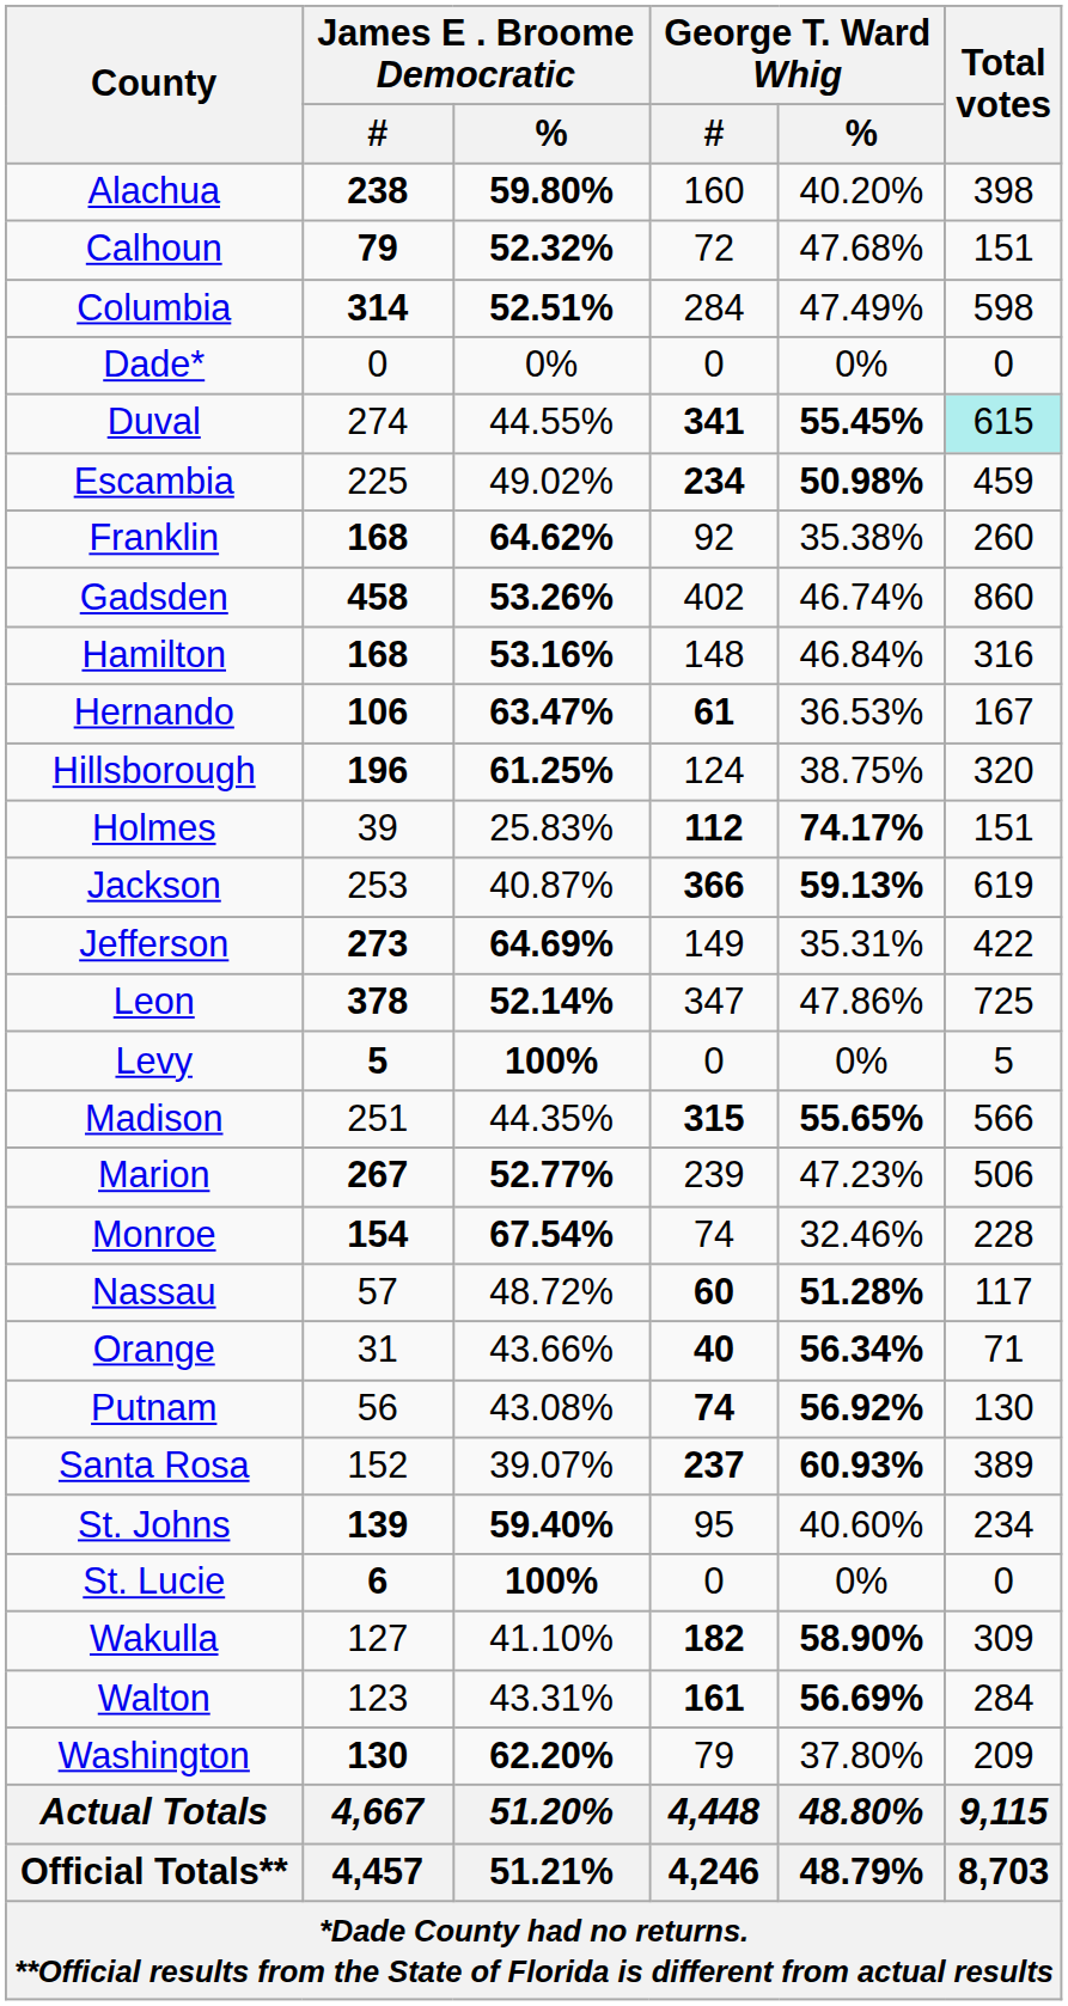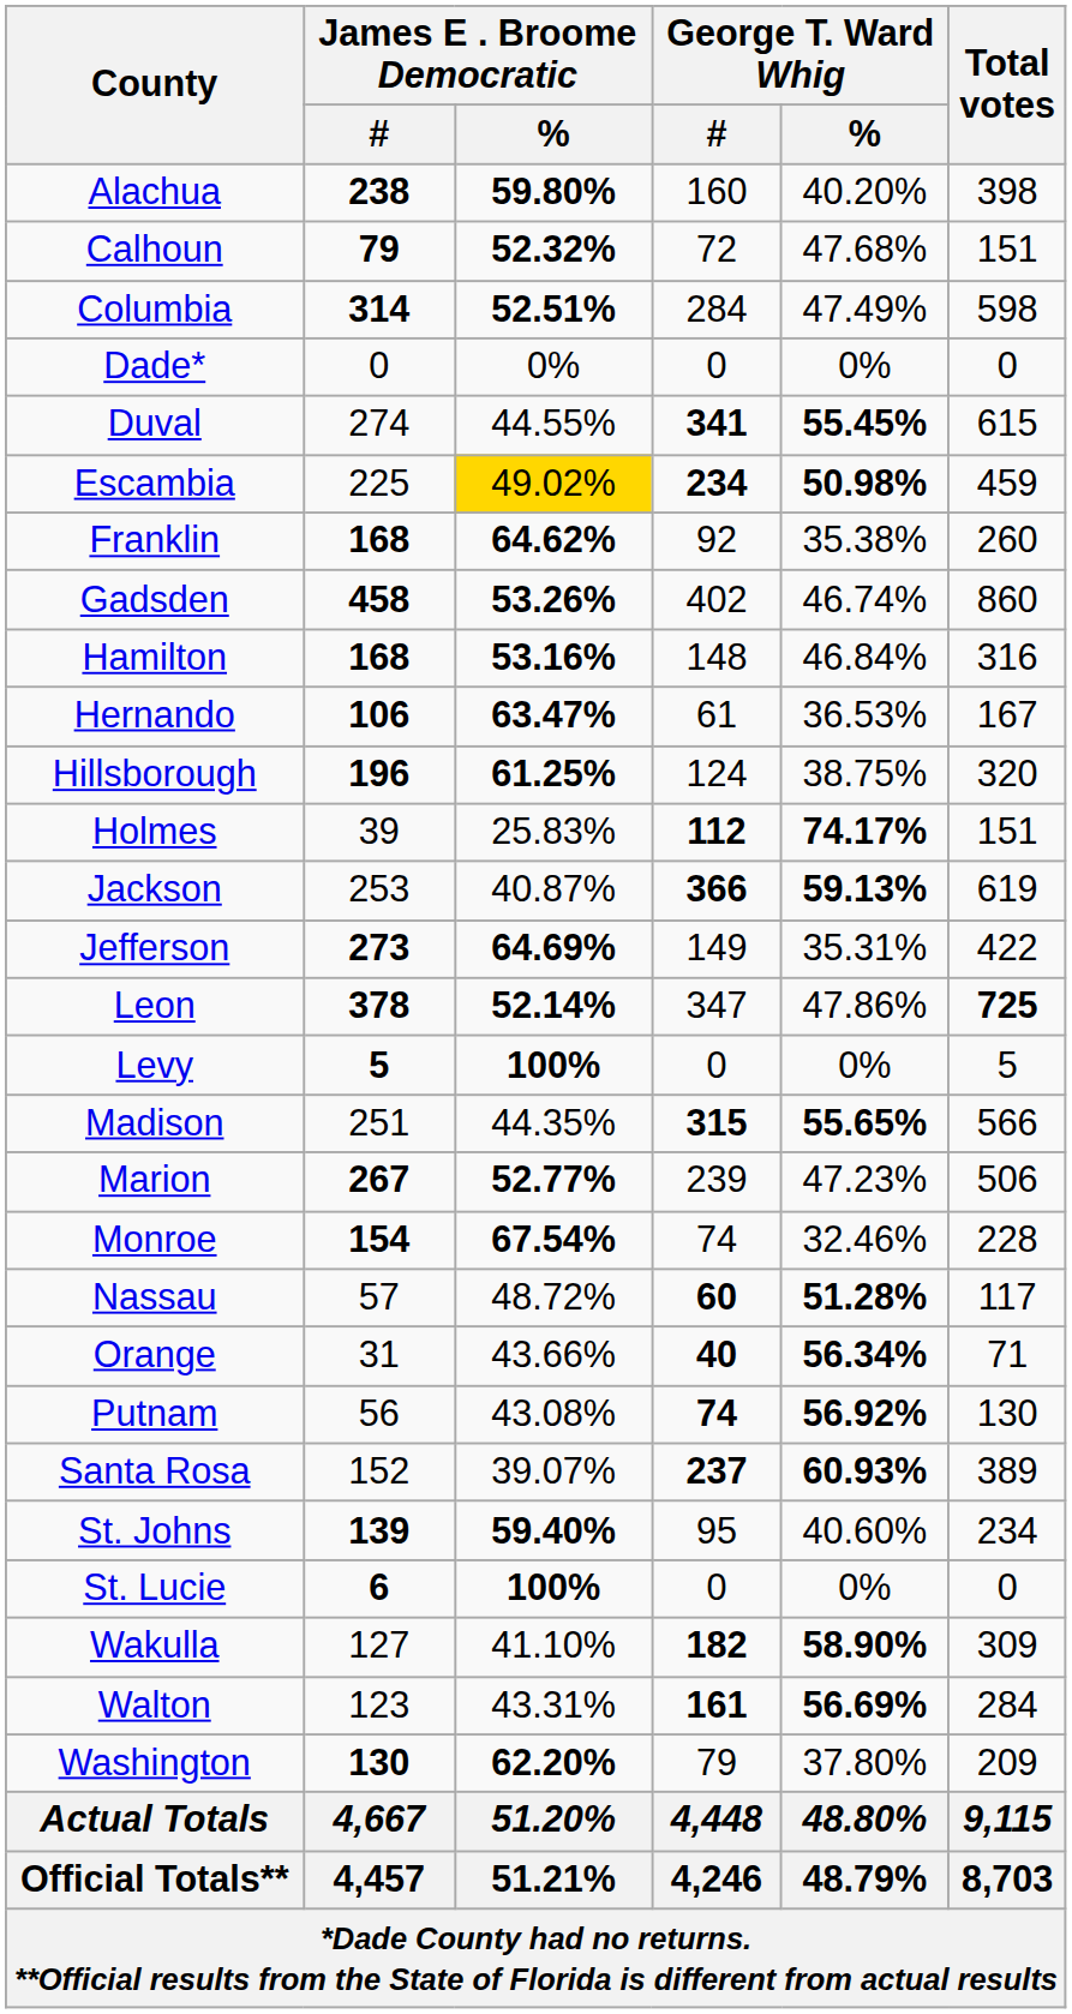 <table class="wikitable sortable">
 <tr>
 <th rowspan="2" colspan="1" style="text-align:center">County</th>
 <th colspan="2" >James E . Broome<br><em>Democratic</em></th>
 <th colspan="2" style="text-align: center;" >George T. Ward<br><em>Whig</em></th>
 <th rowspan="2" colspan="1" style="text-align: center;">Total<br>votes</th>
 </tr>
 <tr>
 <th colspan="1" style="text-align: center;" >#</th>
 <th colspan="1" style="text-align: center;" >%</th>
 <th colspan="1" style="text-align: center;" >#</th>
 <th colspan="1" style="text-align: center;" >%</th>
 </tr>
 <tr>
 <td align="center" ><a href='#'>Alachua</a></td>
 <td align="center"><strong>238</strong></td>
 <td align="center"><strong>59.80%</strong></td>
 <td align="center">160</td>
 <td align="center">40.20%</td>
 <td align="center">398</td>
 </tr>
 <tr>
 <td align="center" ><a href='#'>Calhoun</a></td>
 <td align="center"><strong>79</strong></td>
 <td align="center"><strong>52.32%</strong></td>
 <td align="center">72</td>
 <td align="center">47.68%</td>
 <td align="center">151</td>
 </tr>
 <tr>
 <td align="center" ><a href='#'>Columbia</a></td>
 <td align="center"><strong>314</strong></td>
 <td align="center"><strong>52.51%</strong></td>
 <td align="center">284</td>
 <td align="center">47.49%</td>
 <td align="center">598</td>
 </tr>
 <tr>
 <td align="center" ><a href='#'>Dade*</a></td>
 <td align="center">0</td>
 <td align="center">0%</td>
 <td align="center">0</td>
 <td align="center">0%</td>
 <td align="center">0</td>
 </tr>
 <tr>
 <td align="center" ><a href='#'>Duval</a></td>
 <td align="center">274</td>
 <td align="center">44.55%</td>
 <td align="center"><strong>341</strong></td>
 <td align="center"><strong>55.45%</strong></td>
-<td align="center" style="background: paleturquoise;">615</td>
+<td align="center">615</td>
 </tr>
 <tr>
 <td align="center" ><a href='#'>Escambia</a></td>
 <td align="center">225</td>
-<td align="center">49.02%</td>
+<td align="center" style="background: gold;">49.02%</td>
 <td align="center"><strong>234</strong></td>
 <td align="center"><strong>50.98%</strong></td>
 <td align="center">459</td>
 </tr>
 <tr>
 <td align="center" ><a href='#'>Franklin</a></td>
 <td align="center"><strong>168</strong></td>
 <td align="center"><strong>64.62%</strong></td>
 <td align="center">92</td>
 <td align="center">35.38%</td>
 <td align="center">260</td>
 </tr>
 <tr>
 <td align="center" ><a href='#'>Gadsden</a></td>
 <td align="center"><strong>458</strong></td>
 <td align="center"><strong>53.26%</strong></td>
 <td align="center">402</td>
 <td align="center">46.74%</td>
 <td align="center">860</td>
 </tr>
 <tr>
 <td align="center" ><a href='#'>Hamilton</a></td>
 <td align="center"><strong>168</strong></td>
 <td align="center"><strong>53.16%</strong></td>
 <td align="center">148</td>
 <td align="center">46.84%</td>
 <td align="center">316</td>
 </tr>
 <tr>
 <td align="center" ><a href='#'>Hernando</a></td>
 <td align="center"><strong>106</strong></td>
 <td align="center"><strong>63.47%</strong></td>
-<td align="center"><strong>61</strong></td>
+<td align="center">61</td>
 <td align="center">36.53%</td>
 <td align="center">167</td>
 </tr>
 <tr>
 <td align="center" ><a href='#'>Hillsborough</a></td>
 <td align="center"><strong>196</strong></td>
 <td align="center"><strong>61.25%</strong></td>
 <td align="center">124</td>
 <td align="center">38.75%</td>
 <td align="center">320</td>
 </tr>
 <tr>
 <td align="center" ><a href='#'>Holmes</a></td>
 <td align="center">39</td>
 <td align="center">25.83%</td>
 <td align="center"><strong>112</strong></td>
 <td align="center"><strong>74.17%</strong></td>
 <td align="center">151</td>
 </tr>
 <tr>
 <td align="center" ><a href='#'>Jackson</a></td>
 <td align="center">253</td>
 <td align="center">40.87%</td>
 <td align="center"><strong>366</strong></td>
 <td align="center"><strong>59.13%</strong></td>
 <td align="center">619</td>
 </tr>
 <tr>
 <td align="center" ><a href='#'>Jefferson</a></td>
 <td align="center"><strong>273</strong></td>
 <td align="center"><strong>64.69%</strong></td>
 <td align="center">149</td>
 <td align="center">35.31%</td>
 <td align="center">422</td>
 </tr>
 <tr>
 <td align="center" ><a href='#'>Leon</a></td>
 <td align="center"><strong>378</strong></td>
 <td align="center"><strong>52.14%</strong></td>
 <td align="center">347</td>
 <td align="center">47.86%</td>
-<td align="center">725</td>
+<td align="center"><strong>725</strong></td>
 </tr>
 <tr>
 <td align="center" ><a href='#'>Levy</a></td>
 <td align="center"><strong>5</strong></td>
 <td align="center"><strong>100%</strong></td>
 <td align="center">0</td>
 <td align="center">0%</td>
 <td align="center">5</td>
 </tr>
 <tr>
 <td align="center" ><a href='#'>Madison</a></td>
 <td align="center">251</td>
 <td align="center">44.35%</td>
 <td align="center"><strong>315</strong></td>
 <td align="center"><strong>55.65%</strong></td>
 <td align="center">566</td>
 </tr>
 <tr>
 <td align="center" ><a href='#'>Marion</a></td>
 <td align="center"><strong>267</strong></td>
 <td align="center"><strong>52.77%</strong></td>
 <td align="center">239</td>
 <td align="center">47.23%</td>
 <td align="center">506</td>
 </tr>
 <tr>
 <td align="center" ><a href='#'>Monroe</a></td>
 <td align="center"><strong>154</strong></td>
 <td align="center"><strong>67.54%</strong></td>
 <td align="center">74</td>
 <td align="center">32.46%</td>
 <td align="center">228</td>
 </tr>
 <tr>
 <td align="center" ><a href='#'>Nassau</a></td>
 <td align="center">57</td>
 <td align="center">48.72%</td>
 <td align="center"><strong>60</strong></td>
 <td align="center"><strong>51.28%</strong></td>
 <td align="center">117</td>
 </tr>
 <tr>
 <td align="center" ><a href='#'>Orange</a></td>
 <td align="center">31</td>
 <td align="center">43.66%</td>
 <td align="center"><strong>40</strong></td>
 <td align="center"><strong>56.34%</strong></td>
 <td align="center">71</td>
 </tr>
 <tr>
 <td align="center" ><a href='#'>Putnam</a></td>
 <td align="center">56</td>
 <td align="center">43.08%</td>
 <td align="center"><strong>74</strong></td>
 <td align="center"><strong>56.92%</strong></td>
 <td align="center">130</td>
 </tr>
 <tr>
 <td align="center" ><a href='#'>Santa Rosa</a></td>
 <td align="center">152</td>
 <td align="center">39.07%</td>
 <td align="center"><strong>237</strong></td>
 <td align="center"><strong>60.93%</strong></td>
 <td align="center">389</td>
 </tr>
 <tr>
 <td align="center" ><a href='#'>St. Johns</a></td>
 <td align="center"><strong>139</strong></td>
 <td align="center"><strong>59.40%</strong></td>
 <td align="center">95</td>
 <td align="center">40.60%</td>
 <td align="center">234</td>
 </tr>
 <tr>
 <td align="center" ><a href='#'>St. Lucie</a></td>
 <td align="center"><strong>6</strong></td>
 <td align="center"><strong>100%</strong></td>
 <td align="center">0</td>
 <td align="center">0%</td>
 <td align="center">0</td>
 </tr>
 <tr>
 <td align="center" ><a href='#'>Wakulla</a></td>
 <td align="center">127</td>
 <td align="center">41.10%</td>
 <td align="center"><strong>182</strong></td>
 <td align="center"><strong>58.90%</strong></td>
 <td align="center">309</td>
 </tr>
 <tr>
 <td align="center" ><a href='#'>Walton</a></td>
 <td align="center">123</td>
 <td align="center">43.31%</td>
 <td align="center"><strong>161</strong></td>
 <td align="center"><strong>56.69%</strong></td>
 <td align="center">284</td>
 </tr>
 <tr>
 <td align="center" ><a href='#'>Washington</a></td>
 <td align="center"><strong>130</strong></td>
 <td align="center"><strong>62.20%</strong></td>
 <td align="center">79</td>
 <td align="center">37.80%</td>
 <td align="center">209</td>
 </tr>
 <tr>
 <th><em>Actual Totals</em></th>
 <th><em>4,667</em></th>
 <th><em>51.20%</em></th>
 <th><em>4,448</em></th>
 <th><em>48.80%</em></th>
 <th><em>9,115</em></th>
 </tr>
 <tr>
 <th>Official Totals**</th>
 <th>4,457</th>
 <th>51.21%</th>
 <th>4,246</th>
 <th>48.79%</th>
 <th>8,703</th>
 </tr>
 <tr>
 <th colspan="6"><strong><em><small>*Dade County had no returns.</small> <br> <small>**Official results from the State of Florida is different from actual results</small></em></strong></th>
 </tr>
 </table>
